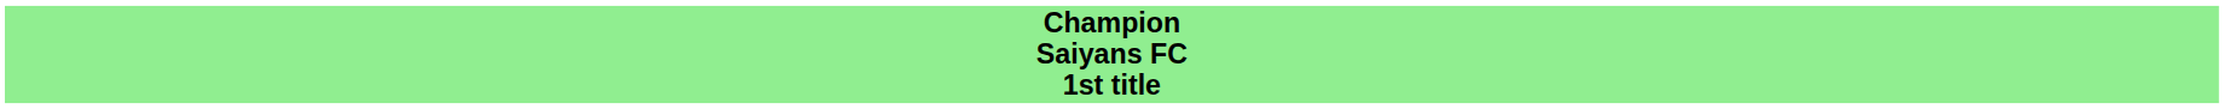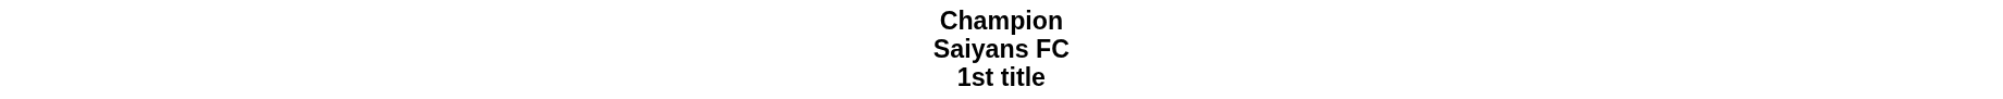 <table width="100%" cellspacing="0">
 <tr>
 <td align="center"></td>
 </tr>
 <tr>
-<td align="center" style="background: lightgreen;"><strong>Champion<br>Saiyans FC<br>1st title</strong></td>
+<td align="center"><strong>Champion<br>Saiyans FC<br>1st title</strong></td>
 </tr>
 </table>
